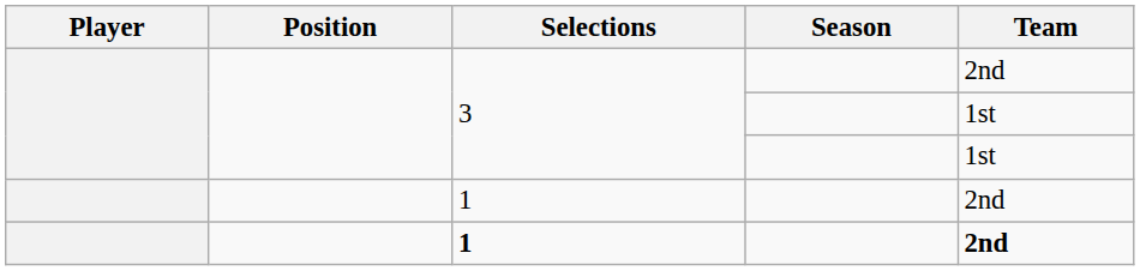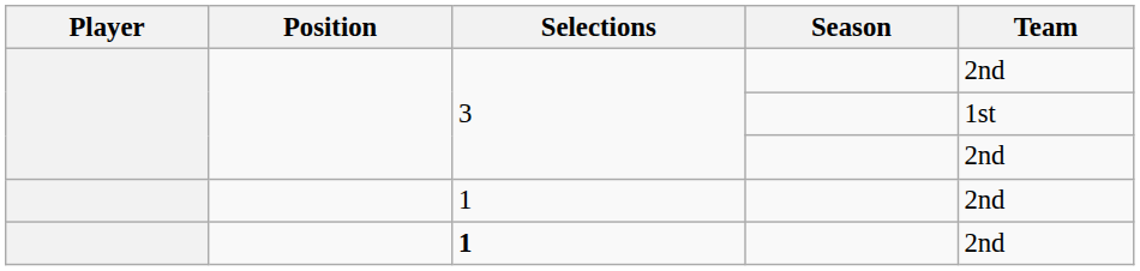 <table class="wikitable sortable" width="75%">
 <tr>
 <th scope="col">Player</th>
 <th scope="col">Position</th>
 <th scope="col">Selections</th>
 <th scope="col">Season</th>
 <th scope="col">Team</th>
 </tr>
 <tr>
 <th scope="row" rowspan=3></th>
 <td rowspan=3></td>
 <td rowspan=3>3</td>
 <td></td>
 <td>2nd</td>
 </tr>
 <tr>
 <td></td>
 <td>1st</td>
 </tr>
 <tr>
 <td></td>
-<td>1st</td>
+<td>2nd</td>
 </tr>
 <tr>
 <th scope="row"></th>
 <td></td>
 <td>1</td>
 <td></td>
 <td>2nd</td>
 </tr>
 <tr>
 <th scope="row"></th>
 <td></td>
 <td><strong>1</strong></td>
 <td></td>
-<td><strong>2nd</strong></td>
+<td>2nd</td>
 </tr>
 </table>
